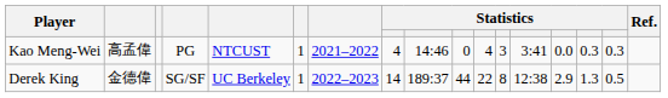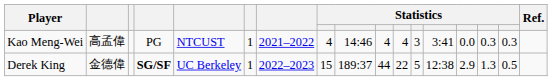 <table class="wikitable sortable" style="font-size:95%; text-align:right;">
 <tr>
 <th rowspan="2">Player</th>
 <th rowspan="2"></th>
 <th rowspan="2"></th>
 <th rowspan="2"></th>
 <th rowspan="2"></th>
 <th rowspan="2"></th>
 <th rowspan="2"></th>
 <th colspan="9">Statistics</th>
 <th rowspan="2">Ref.</th>
 </tr>
 <tr>
 <th></th>
 <th></th>
 <th></th>
 <th></th>
 <th></th>
 <th></th>
 <th></th>
 <th></th>
 <th></th>
 </tr>
 <tr>
 <td align="left">Kao Meng-Wei</td>
 <td align="left">高孟偉</td>
 <td align="center"></td>
 <td align="center">PG</td>
 <td align="left"><a href='#'>NTCUST</a></td>
 <td align="center">1</td>
 <td align="center"><a href='#'>2021–2022</a></td>
 <td>4</td>
 <td>14:46</td>
-<td>0</td>
+<td>4</td>
 <td>4</td>
 <td>3</td>
 <td>3:41</td>
 <td>0.0</td>
 <td>0.3</td>
 <td>0.3</td>
 <td align="center"></td>
 </tr>
 <tr>
 <td align="left">Derek King</td>
 <td align="left">金德偉</td>
 <td align="center"></td>
-<td align="center">SG/SF</td>
+<td align="center"><strong>SG/SF</strong></td>
 <td align="left"><a href='#'>UC Berkeley</a></td>
 <td align="center">1</td>
 <td align="center"><a href='#'>2022–2023</a></td>
-<td>14</td>
+<td>15</td>
 <td>189:37</td>
 <td>44</td>
 <td>22</td>
-<td>8</td>
+<td>5</td>
 <td>12:38</td>
 <td>2.9</td>
 <td>1.3</td>
 <td>0.5</td>
 <td align="center"></td>
 </tr>
 </table>
